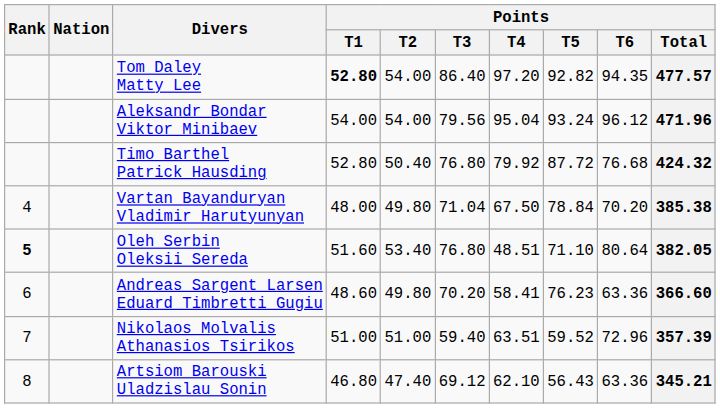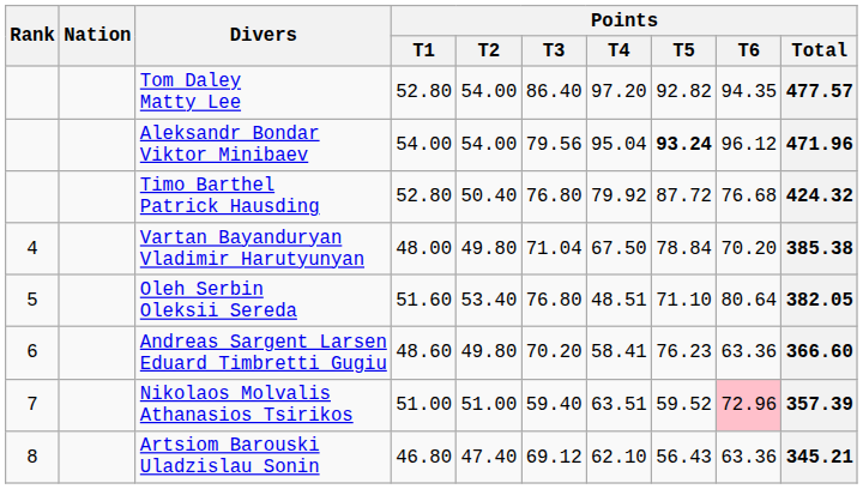 <table class="wikitable" style="text-align:center">
 <tr>
 <th rowspan=2>Rank</th>
 <th rowspan=2>Nation</th>
 <th rowspan=2>Divers</th>
 <th colspan=7>Points</th>
 </tr>
 <tr>
 <th>T1</th>
 <th>T2</th>
 <th>T3</th>
 <th>T4</th>
 <th>T5</th>
 <th>T6</th>
 <th>Total</th>
 </tr>
 <tr>
 <td></td>
 <td align=left></td>
 <td align=left><a href='#'>Tom Daley</a><br><a href='#'>Matty Lee</a></td>
-<td><strong>52.80</strong></td>
+<td>52.80</td>
 <td>54.00</td>
 <td>86.40</td>
 <td>97.20</td>
 <td>92.82</td>
 <td>94.35</td>
 <th>477.57</th>
 </tr>
 <tr>
 <td></td>
 <td align=left></td>
 <td align=left><a href='#'>Aleksandr Bondar</a><br><a href='#'>Viktor Minibaev</a></td>
 <td>54.00</td>
 <td>54.00</td>
 <td>79.56</td>
 <td>95.04</td>
-<td>93.24</td>
+<td><strong>93.24</strong></td>
 <td>96.12</td>
 <th>471.96</th>
 </tr>
 <tr>
 <td></td>
 <td align=left></td>
 <td align=left><a href='#'>Timo Barthel</a><br><a href='#'>Patrick Hausding</a></td>
 <td>52.80</td>
 <td>50.40</td>
 <td>76.80</td>
 <td>79.92</td>
 <td>87.72</td>
 <td>76.68</td>
 <th>424.32</th>
 </tr>
 <tr>
 <td>4</td>
 <td align=left></td>
 <td align=left><a href='#'>Vartan Bayanduryan</a><br><a href='#'>Vladimir Harutyunyan</a></td>
 <td>48.00</td>
 <td>49.80</td>
 <td>71.04</td>
 <td>67.50</td>
 <td>78.84</td>
 <td>70.20</td>
 <th>385.38</th>
 </tr>
 <tr>
-<td><strong>5</strong></td>
+<td>5</td>
 <td align=left></td>
 <td align=left><a href='#'>Oleh Serbin</a><br><a href='#'>Oleksii Sereda</a></td>
 <td>51.60</td>
 <td>53.40</td>
 <td>76.80</td>
 <td>48.51</td>
 <td>71.10</td>
 <td>80.64</td>
 <th>382.05</th>
 </tr>
 <tr>
 <td>6</td>
 <td align=left></td>
 <td align=left><a href='#'>Andreas Sargent Larsen</a><br><a href='#'>Eduard Timbretti Gugiu</a></td>
 <td>48.60</td>
 <td>49.80</td>
 <td>70.20</td>
 <td>58.41</td>
 <td>76.23</td>
 <td>63.36</td>
 <th>366.60</th>
 </tr>
 <tr>
 <td>7</td>
 <td align=left></td>
 <td align=left><a href='#'>Nikolaos Molvalis</a><br><a href='#'>Athanasios Tsirikos</a></td>
 <td>51.00</td>
 <td>51.00</td>
 <td>59.40</td>
 <td>63.51</td>
 <td>59.52</td>
-<td>72.96</td>
+<td style="background: pink;">72.96</td>
 <th>357.39</th>
 </tr>
 <tr>
 <td>8</td>
 <td align=left></td>
 <td align=left><a href='#'>Artsiom Barouski</a><br><a href='#'>Uladzislau Sonin</a></td>
 <td>46.80</td>
 <td>47.40</td>
 <td>69.12</td>
 <td>62.10</td>
 <td>56.43</td>
 <td>63.36</td>
 <th>345.21</th>
 </tr>
 </table>
